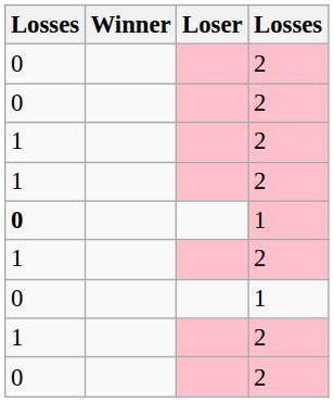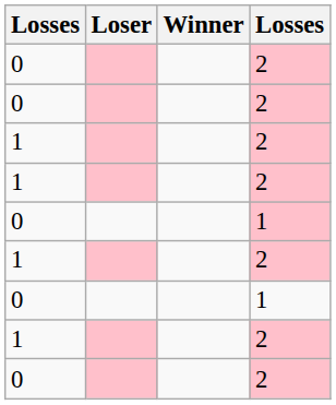 <table class=wikitable>
 <tr>
 <th>Losses</th>
+<th>Loser</th>
 <th>Winner</th>
-<th>Loser</th>
 <th>Losses</th>
 </tr>
 <tr>
 <td>0</td>
+<td bgcolor=pink></td>
 <td></td>
-<td bgcolor=pink></td>
 <td bgcolor=pink>2</td>
 </tr>
 <tr>
 <td>0</td>
+<td bgcolor=pink></td>
 <td></td>
-<td bgcolor=pink></td>
 <td bgcolor=pink>2</td>
 </tr>
 <tr>
 <td>1</td>
+<td bgcolor=pink></td>
 <td></td>
-<td bgcolor=pink></td>
 <td bgcolor=pink>2</td>
 </tr>
 <tr>
 <td>1</td>
+<td bgcolor=pink></td>
 <td></td>
-<td bgcolor=pink></td>
 <td bgcolor=pink>2</td>
 </tr>
 <tr>
-<td><strong>0</strong></td>
+<td>0</td>
 <td></td>
 <td></td>
 <td style="background: pink;">1</td>
 </tr>
 <tr>
 <td>1</td>
+<td bgcolor=pink></td>
 <td></td>
-<td bgcolor=pink></td>
 <td bgcolor=pink>2</td>
 </tr>
 <tr>
 <td>0</td>
 <td></td>
 <td></td>
 <td>1</td>
 </tr>
 <tr>
 <td>1</td>
+<td bgcolor=pink></td>
 <td></td>
-<td bgcolor=pink></td>
 <td bgcolor=pink>2</td>
 </tr>
 <tr>
 <td>0</td>
+<td bgcolor=pink></td>
 <td></td>
-<td bgcolor=pink></td>
 <td bgcolor=pink>2</td>
 </tr>
 </table>
